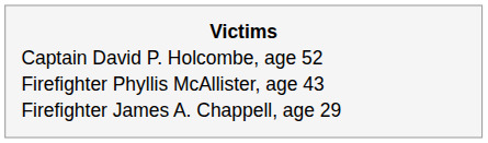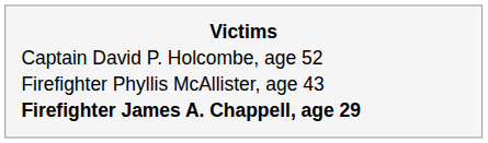 <table style="float:right; margin:1em; width:25em; border:1px solid #a0a0a0; padding:10px; background:#f5f5f5; text-align:left;">
 <tr style="text-align:center;">
 <td><strong>Victims</strong></td>
 </tr>
 <tr style="text-align:left;">
 <td>Captain David P. Holcombe, age 52</td>
 </tr>
 <tr style="text-align:left;">
 <td>Firefighter Phyllis McAllister, age 43</td>
 </tr>
 <tr style="text-align:left;">
-<td>Firefighter James A. Chappell, age 29</td>
+<td><strong>Firefighter James A. Chappell, age 29</strong></td>
 </tr>
 </table>
